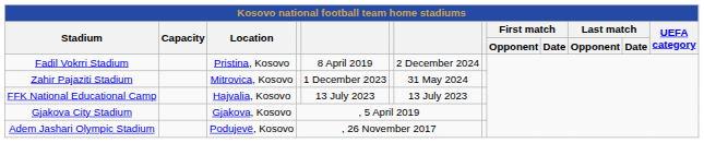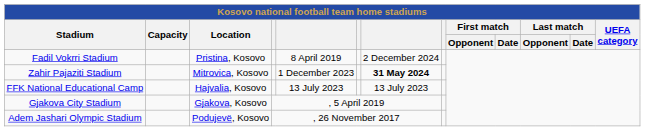 <table class="wikitable" style="text-align:center;font-size:95%">
 <tr>
 <th colspan="13" style="background:#244AA5;color:#D0A650";>Kosovo national football team home stadiums</th>
 </tr>
 <tr>
 <th rowspan="2">Stadium</th>
 <th rowspan="2">Capacity</th>
 <th rowspan="2">Location</th>
 <th rowspan="2"></th>
 <th rowspan="2"></th>
 <th rowspan="2"></th>
 <th rowspan="2"></th>
 <th rowspan="2"></th>
 <th colspan="2">First match</th>
 <th colspan="2">Last match</th>
 <th rowspan="2"><a href='#'>UEFA<br>category</a></th>
 </tr>
 <tr>
 <th>Opponent</th>
 <th>Date</th>
 <th>Opponent</th>
 <th>Date</th>
 </tr>
 <tr>
 <td><a href='#'>Fadil Vokrri Stadium</a></td>
 <td></td>
 <td><a href='#'>Pristina</a>, Kosovo<br></td>
 <td align="left"></td>
 <td>8 April 2019</td>
 <td align="left"></td>
 <td>2 December 2024</td>
 <td></td>
 </tr>
 <tr>
 <td><a href='#'>Zahir Pajaziti Stadium</a></td>
 <td></td>
 <td><a href='#'>Mitrovica</a>, Kosovo<br></td>
 <td align="left"></td>
 <td>1 December 2023</td>
 <td align="left"></td>
-<td>31 May 2024</td>
+<td><strong>31 May 2024</strong></td>
 <td></td>
 </tr>
 <tr>
 <td><a href='#'>FFK National Educational Camp</a></td>
 <td></td>
 <td><a href='#'>Hajvalia</a>, Kosovo<br></td>
 <td align="left"></td>
 <td>13 July 2023</td>
 <td align="left"></td>
 <td>13 July 2023</td>
 <td></td>
 </tr>
 <tr>
 <td><a href='#'>Gjakova City Stadium</a></td>
 <td></td>
 <td><a href='#'>Gjakova</a>, Kosovo<br></td>
 <td align="center" colspan="4">, 5 April 2019</td>
 <td></td>
 </tr>
 <tr>
 <td><a href='#'>Adem Jashari Olympic Stadium</a></td>
 <td></td>
 <td><a href='#'>Podujevë</a>, Kosovo<br></td>
 <td align="center" colspan="4">, 26 November 2017</td>
 <td></td>
 </tr>
 </table>
